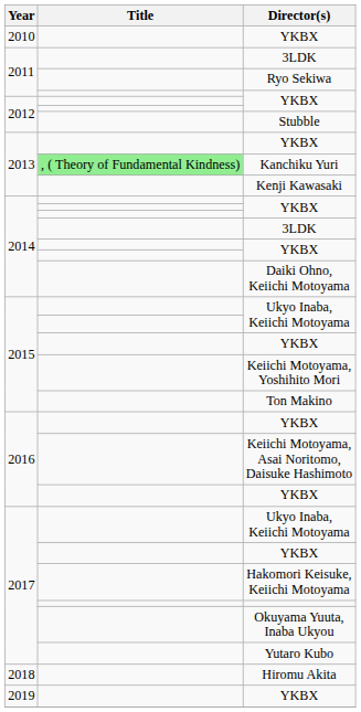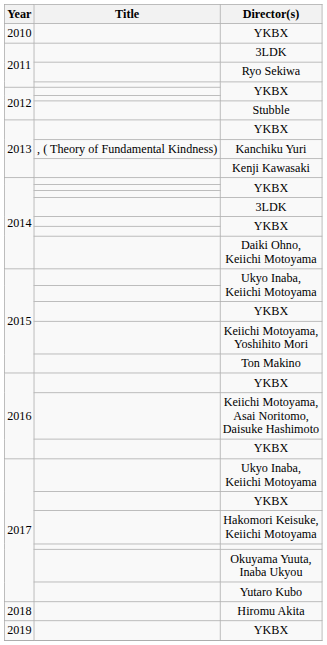 <table class="wikitable">
 <tr>
 <th>Year</th>
 <th>Title</th>
 <th>Director(s)</th>
 </tr>
 <tr>
 <td rowspan="1">2010</td>
 <td></td>
 <td align="center">YKBX</td>
 </tr>
 <tr>
 <td rowspan="3">2011</td>
 <td></td>
 <td align="center">3LDK</td>
 </tr>
 <tr>
 <td></td>
 <td align="center">Ryo Sekiwa</td>
 </tr>
 <tr>
 <td></td>
 <td align="center" rowspan="3">YKBX</td>
 </tr>
 <tr>
 <td rowspan="3">2012</td>
 <td></td>
 </tr>
 <tr>
 <td></td>
 </tr>
 <tr>
 <td></td>
 <td align="center">Stubble</td>
 </tr>
 <tr>
 <td rowspan="3">2013</td>
 <td></td>
 <td align="center">YKBX</td>
 </tr>
 <tr>
-<td style="background: lightgreen;"><a href='#'></a>, ( Theory of Fundamental Kindness)</td>
+<td><a href='#'></a>, ( Theory of Fundamental Kindness)</td>
 <td align="center">Kanchiku Yuri</td>
 </tr>
 <tr>
 <td></td>
 <td align="center">Kenji Kawasaki</td>
 </tr>
 <tr>
 <td rowspan="7">2014</td>
 <td></td>
 <td align="center" rowspan="3">YKBX</td>
 </tr>
 <tr>
 <td></td>
 </tr>
 <tr>
 <td></td>
 </tr>
 <tr>
 <td></td>
 <td align="center">3LDK</td>
 </tr>
 <tr>
 <td></td>
 <td align="center" rowspan="2">YKBX</td>
 </tr>
 <tr>
 <td></td>
 </tr>
 <tr>
 <td></td>
 <td align="center">Daiki Ohno,<br>Keiichi Motoyama</td>
 </tr>
 <tr>
 <td rowspan="5">2015</td>
 <td></td>
 <td align="center" rowspan="2">Ukyo Inaba,<br>Keiichi Motoyama</td>
 </tr>
 <tr>
 <td></td>
 </tr>
 <tr>
 <td></td>
 <td align="center">YKBX</td>
 </tr>
 <tr>
 <td></td>
 <td align="center">Keiichi Motoyama,<br>Yoshihito Mori</td>
 </tr>
 <tr>
 <td></td>
 <td align="center">Ton Makino</td>
 </tr>
 <tr>
 <td rowspan="3">2016</td>
 <td></td>
 <td align="center">YKBX</td>
 </tr>
 <tr>
 <td></td>
 <td align="center">Keiichi Motoyama,<br>Asai Noritomo,<br>Daisuke Hashimoto</td>
 </tr>
 <tr>
 <td></td>
 <td align="center">YKBX</td>
 </tr>
 <tr>
 <td rowspan="6">2017</td>
 <td></td>
 <td align="center">Ukyo Inaba,<br>Keiichi Motoyama</td>
 </tr>
 <tr>
 <td></td>
 <td align="center">YKBX</td>
 </tr>
 <tr>
 <td></td>
 <td align="center">Hakomori Keisuke,<br>Keiichi Motoyama</td>
 </tr>
 <tr>
 <td></td>
 <td></td>
 </tr>
 <tr>
 <td></td>
 <td align="center">Okuyama Yuuta,<br>Inaba Ukyou</td>
 </tr>
 <tr>
 <td></td>
 <td align="center">Yutaro Kubo</td>
 </tr>
 <tr>
 <td rowspan="1">2018</td>
 <td></td>
 <td align="center">Hiromu Akita</td>
 </tr>
 <tr>
 <td rowspan="1">2019</td>
 <td></td>
 <td align="center">YKBX</td>
 </tr>
 <tr>
 </tr>
 </table>
